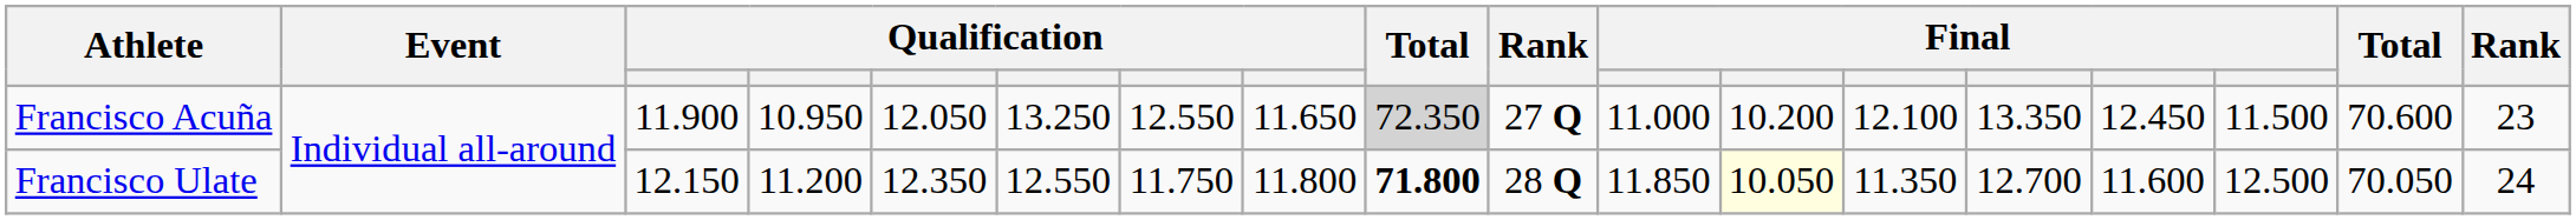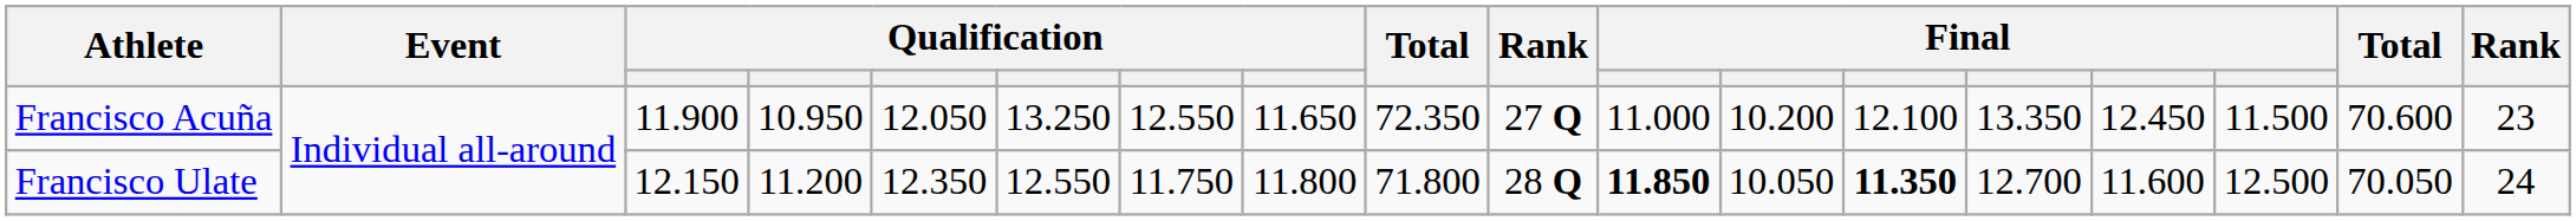 <table class="wikitable" style="font-size:90%">
 <tr>
 <th rowspan=2>Athlete</th>
 <th rowspan=2>Event</th>
 <th colspan=6>Qualification</th>
 <th rowspan=2>Total</th>
 <th rowspan=2>Rank</th>
 <th colspan=6>Final</th>
 <th rowspan=2>Total</th>
 <th rowspan=2>Rank</th>
 </tr>
 <tr style="font-size:95%">
 <th></th>
 <th></th>
 <th></th>
 <th></th>
 <th></th>
 <th></th>
 <th></th>
 <th></th>
 <th></th>
 <th></th>
 <th></th>
 <th></th>
 </tr>
 <tr align=center>
 <td align=left><a href='#'>Francisco Acuña</a></td>
 <td align=left rowspan=2><a href='#'>Individual all-around</a></td>
 <td>11.900</td>
 <td>10.950</td>
 <td>12.050</td>
 <td>13.250</td>
 <td>12.550</td>
 <td>11.650</td>
-<td style="background: lightgrey;">72.350</td>
+<td>72.350</td>
 <td>27 <strong>Q</strong></td>
 <td>11.000</td>
 <td>10.200</td>
 <td>12.100</td>
 <td>13.350</td>
 <td>12.450</td>
 <td>11.500</td>
 <td>70.600</td>
 <td>23</td>
 </tr>
 <tr align=center>
 <td align=left><a href='#'>Francisco Ulate</a></td>
 <td>12.150</td>
 <td>11.200</td>
 <td>12.350</td>
 <td>12.550</td>
 <td>11.750</td>
 <td>11.800</td>
-<td><strong>71.800</strong></td>
+<td>71.800</td>
 <td>28 <strong>Q</strong></td>
-<td>11.850</td>
-<td style="background: lightyellow;">10.050</td>
-<td>11.350</td>
+<td><strong>11.850</strong></td>
+<td>10.050</td>
+<td><strong>11.350</strong></td>
 <td>12.700</td>
 <td>11.600</td>
 <td>12.500</td>
 <td>70.050</td>
 <td>24</td>
 </tr>
 </table>
